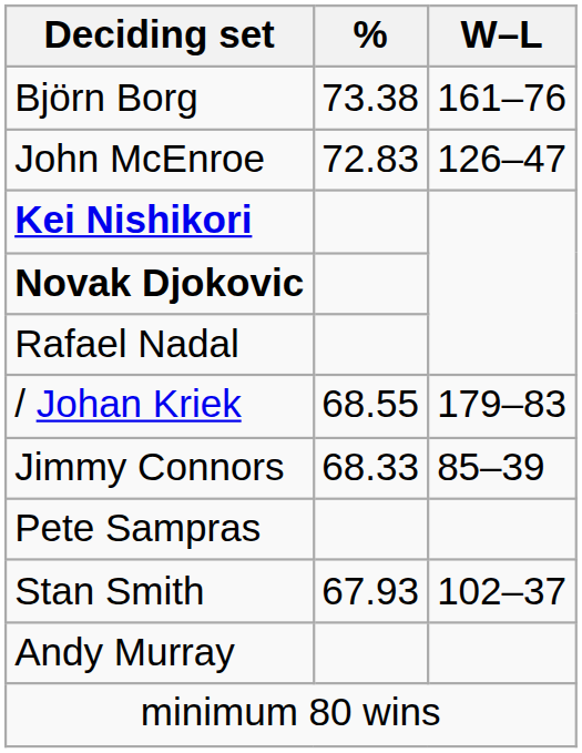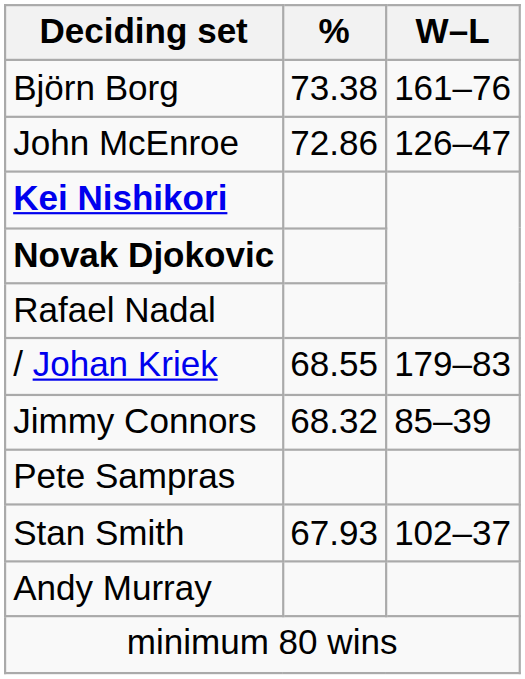 <table class=wikitable style="display:inline-table;">
 <tr>
 <th>Deciding set</th>
 <th>%</th>
 <th>W–L </th>
 </tr>
 <tr>
 <td> Björn Borg</td>
 <td>73.38</td>
 <td>161–76</td>
 </tr>
 <tr>
 <td> John McEnroe</td>
-<td>72.83</td>
+<td>72.86</td>
 <td>126–47</td>
 </tr>
 <tr>
 <td> <strong><a href='#'>Kei Nishikori</a></strong></td>
 <td></td>
 </tr>
 <tr>
 <td> <strong>Novak Djokovic</strong></td>
 <td></td>
 </tr>
 <tr>
 <td> Rafael Nadal</td>
 <td></td>
 </tr>
 <tr>
 <td>/ <a href='#'>Johan Kriek</a></td>
 <td>68.55</td>
 <td>179–83</td>
 </tr>
 <tr>
 <td> Jimmy Connors</td>
-<td>68.33</td>
+<td>68.32</td>
 <td>85–39</td>
 </tr>
 <tr>
 <td> Pete Sampras</td>
 <td> </td>
 </tr>
 <tr>
 <td> Stan Smith</td>
 <td>67.93</td>
 <td>102–37</td>
 </tr>
 <tr>
 <td> Andy Murray</td>
 <td></td>
 </tr>
 <tr>
 <td colspan="4" style="text-align:center;">minimum 80 wins</td>
 </tr>
 </table>
